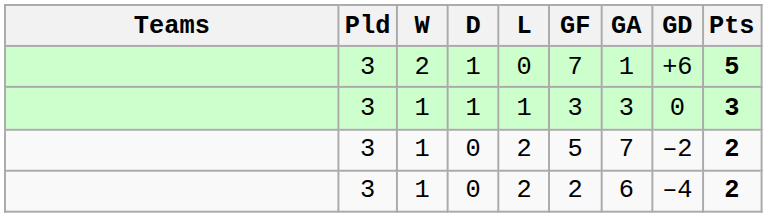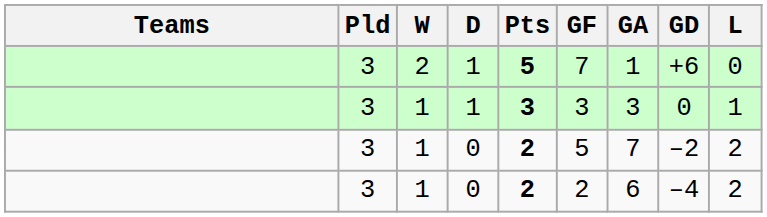 <table class="wikitable" style="text-align: center;">
 <tr>
 <th width=165>Teams</th>
 <th width=20>Pld</th>
 <th width=20>W</th>
 <th width=20>D</th>
-<th width=20>L</th>
+<th width=20>Pts</th>
 <th width=20>GF</th>
 <th width=20>GA</th>
 <th width=20>GD</th>
-<th width=20>Pts</th>
+<th width=20>L</th>
 </tr>
 <tr align=center style="background:#ccffcc;">
 <td style="text-align:left;"></td>
 <td>3</td>
 <td>2</td>
 <td>1</td>
-<td>0</td>
+<td><strong>5</strong></td>
 <td>7</td>
 <td>1</td>
 <td>+6</td>
-<td><strong>5</strong></td>
+<td>0</td>
 </tr>
 <tr align=center style="background:#ccffcc;">
 <td style="text-align:left;"></td>
 <td>3</td>
 <td>1</td>
 <td>1</td>
-<td>1</td>
+<td><strong>3</strong></td>
 <td>3</td>
 <td>3</td>
 <td>0</td>
-<td><strong>3</strong></td>
+<td>1</td>
 </tr>
 <tr align=center>
 <td style="text-align:left;"></td>
 <td>3</td>
 <td>1</td>
 <td>0</td>
-<td>2</td>
+<td><strong>2</strong></td>
 <td>5</td>
 <td>7</td>
 <td>–2</td>
-<td><strong>2</strong></td>
+<td>2</td>
 </tr>
 <tr align=center>
 <td style="text-align:left;"></td>
 <td>3</td>
 <td>1</td>
 <td>0</td>
-<td>2</td>
+<td><strong>2</strong></td>
 <td>2</td>
 <td>6</td>
 <td>–4</td>
-<td><strong>2</strong></td>
+<td>2</td>
 </tr>
 </table>
